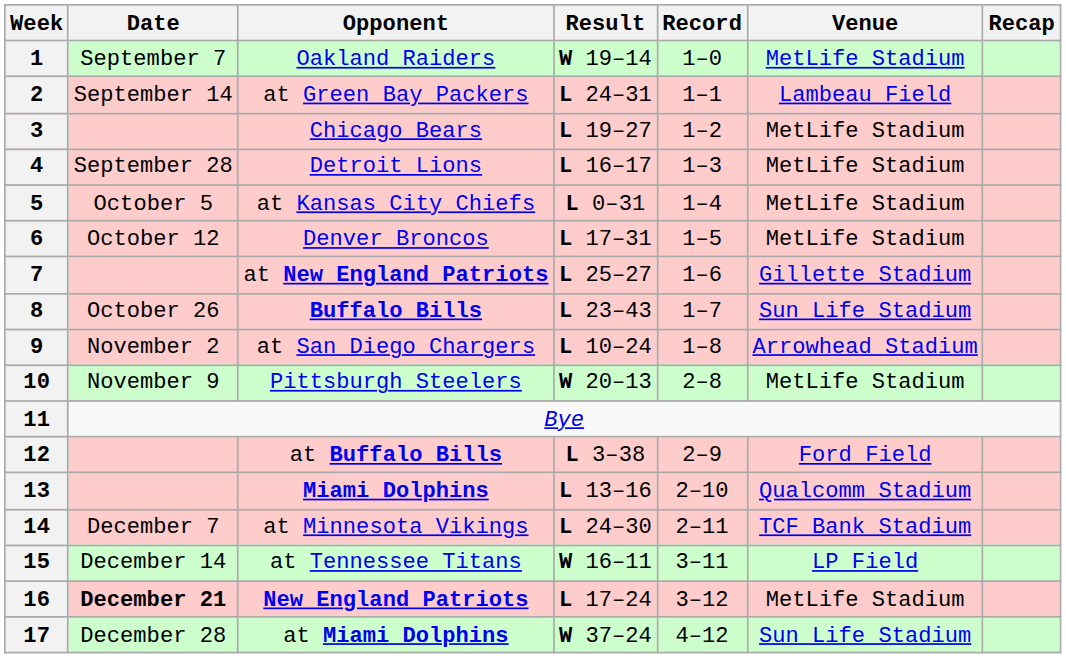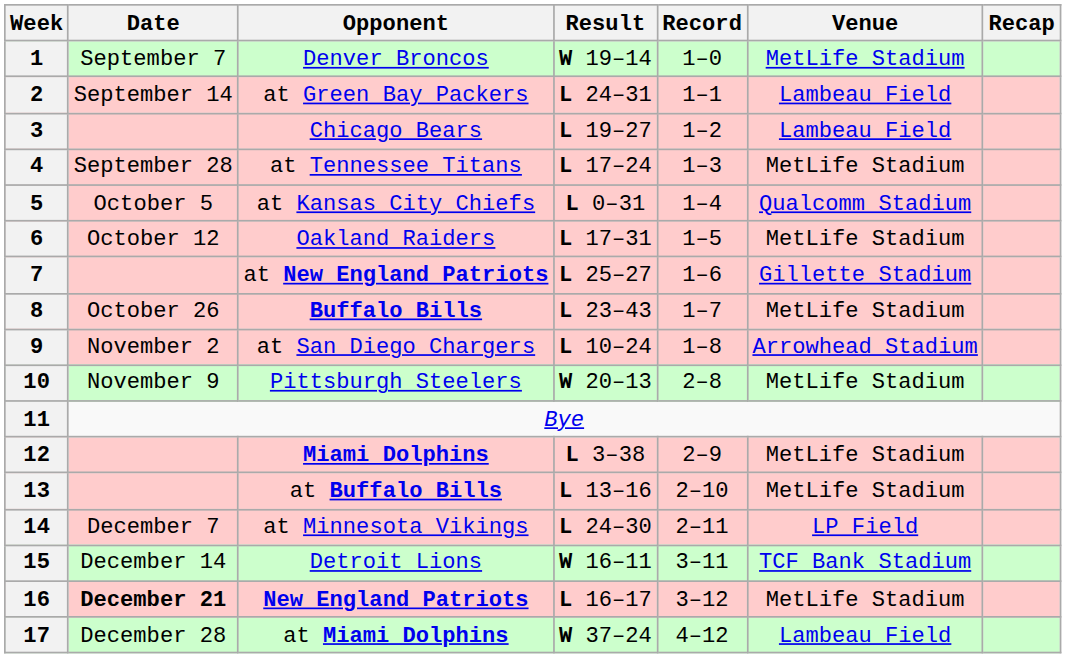 <table class="wikitable" style="text-align:center">
 <tr>
 <th>Week</th>
 <th>Date</th>
 <th>Opponent</th>
 <th>Result</th>
 <th>Record</th>
 <th>Venue</th>
 <th>Recap</th>
 </tr>
 <tr style="background:#cfc">
 <th>1</th>
 <td>September 7</td>
-<td><a href='#'>Oakland Raiders</a></td>
+<td><a href='#'>Denver Broncos</a></td>
 <td><strong>W</strong> 19–14</td>
 <td>1–0</td>
 <td><a href='#'>MetLife Stadium</a></td>
 <td></td>
 </tr>
 <tr style="background:#fcc">
 <th>2</th>
 <td>September 14</td>
 <td>at <a href='#'>Green Bay Packers</a></td>
 <td><strong>L</strong> 24–31</td>
 <td>1–1</td>
 <td><a href='#'>Lambeau Field</a></td>
 <td></td>
 </tr>
 <tr style="background:#fcc">
 <th>3</th>
 <td></td>
 <td><a href='#'>Chicago Bears</a></td>
 <td><strong>L</strong> 19–27</td>
 <td>1–2</td>
-<td>MetLife Stadium</td>
+<td><a href='#'>Lambeau Field</a></td>
 <td></td>
 </tr>
 <tr style="background:#fcc">
 <th>4</th>
 <td>September 28</td>
-<td><a href='#'>Detroit Lions</a></td>
-<td><strong>L</strong> 16–17</td>
+<td>at <a href='#'>Tennessee Titans</a></td>
+<td><strong>L</strong> 17–24</td>
 <td>1–3</td>
 <td>MetLife Stadium</td>
 <td></td>
 </tr>
 <tr style="background:#fcc">
 <th>5</th>
 <td>October 5</td>
 <td>at <a href='#'>Kansas City Chiefs</a></td>
 <td><strong>L</strong> 0–31</td>
 <td>1–4</td>
-<td>MetLife Stadium</td>
+<td><a href='#'>Qualcomm Stadium</a></td>
 <td></td>
 </tr>
 <tr style="background:#fcc">
 <th>6</th>
 <td>October 12</td>
-<td><a href='#'>Denver Broncos</a></td>
+<td><a href='#'>Oakland Raiders</a></td>
 <td><strong>L</strong> 17–31</td>
 <td>1–5</td>
 <td>MetLife Stadium</td>
 <td></td>
 </tr>
 <tr style="background:#fcc">
 <th>7</th>
 <td></td>
 <td>at <strong><a href='#'>New England Patriots</a></strong></td>
 <td><strong>L</strong> 25–27</td>
 <td>1–6</td>
 <td><a href='#'>Gillette Stadium</a></td>
 <td></td>
 </tr>
 <tr style="background:#fcc">
 <th>8</th>
 <td>October 26</td>
 <td><strong><a href='#'>Buffalo Bills</a></strong></td>
 <td><strong>L</strong> 23–43</td>
 <td>1–7</td>
-<td><a href='#'>Sun Life Stadium</a></td>
+<td>MetLife Stadium</td>
 <td></td>
 </tr>
 <tr style="background:#fcc">
 <th>9</th>
 <td>November 2</td>
 <td>at <a href='#'>San Diego Chargers</a></td>
 <td><strong>L</strong> 10–24</td>
 <td>1–8</td>
 <td><a href='#'>Arrowhead Stadium</a></td>
 <td></td>
 </tr>
 <tr style="background:#cfc">
 <th>10</th>
 <td>November 9</td>
 <td><a href='#'>Pittsburgh Steelers</a></td>
 <td><strong>W</strong> 20–13</td>
 <td>2–8</td>
 <td>MetLife Stadium</td>
 <td></td>
 </tr>
 <tr>
 <th>11</th>
 <td colspan="6"><em><a href='#'>Bye</a></em></td>
 </tr>
 <tr style="background:#fcc">
 <th>12</th>
 <td></td>
-<td>at <strong><a href='#'>Buffalo Bills</a></strong></td>
+<td><strong><a href='#'>Miami Dolphins</a></strong></td>
 <td><strong>L</strong> 3–38</td>
 <td>2–9</td>
-<td><a href='#'>Ford Field</a></td>
+<td>MetLife Stadium</td>
 <td></td>
 </tr>
 <tr style="background:#fcc">
 <th>13</th>
 <td></td>
-<td><strong><a href='#'>Miami Dolphins</a></strong></td>
+<td>at <strong><a href='#'>Buffalo Bills</a></strong></td>
 <td><strong>L</strong> 13–16</td>
 <td>2–10</td>
-<td><a href='#'>Qualcomm Stadium</a></td>
+<td>MetLife Stadium</td>
 <td></td>
 </tr>
 <tr style="background:#fcc">
 <th>14</th>
 <td>December 7</td>
 <td>at <a href='#'>Minnesota Vikings</a></td>
 <td><strong>L</strong> 24–30 </td>
 <td>2–11</td>
-<td><a href='#'>TCF Bank Stadium</a></td>
+<td><a href='#'>LP Field</a></td>
 <td></td>
 </tr>
 <tr style="background:#cfc">
 <th>15</th>
 <td>December 14</td>
-<td>at <a href='#'>Tennessee Titans</a></td>
+<td><a href='#'>Detroit Lions</a></td>
 <td><strong>W</strong> 16–11</td>
 <td>3–11</td>
-<td><a href='#'>LP Field</a></td>
+<td><a href='#'>TCF Bank Stadium</a></td>
 <td></td>
 </tr>
 <tr style="background:#fcc">
 <th>16</th>
 <td><strong>December 21</strong></td>
 <td><strong><a href='#'>New England Patriots</a></strong></td>
-<td><strong>L</strong> 17–24</td>
+<td><strong>L</strong> 16–17</td>
 <td>3–12</td>
 <td>MetLife Stadium</td>
 <td></td>
 </tr>
 <tr style="background:#cfc">
 <th>17</th>
 <td>December 28</td>
 <td>at <strong><a href='#'>Miami Dolphins</a></strong></td>
 <td><strong>W</strong> 37–24</td>
 <td>4–12</td>
-<td><a href='#'>Sun Life Stadium</a></td>
+<td><a href='#'>Lambeau Field</a></td>
 <td></td>
 </tr>
 </table>
